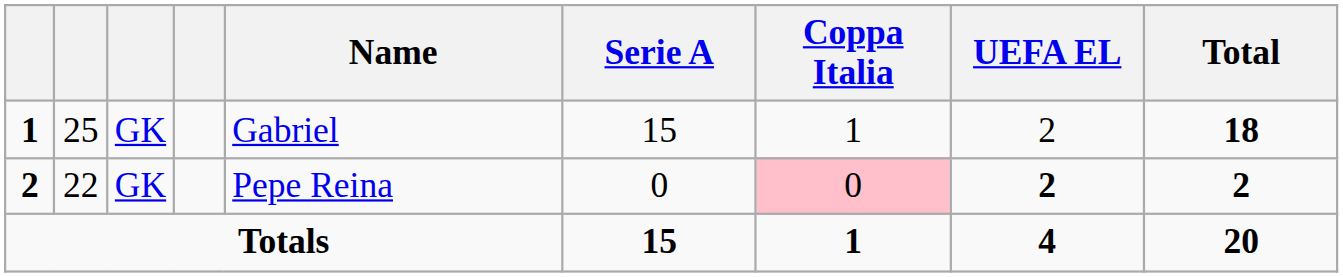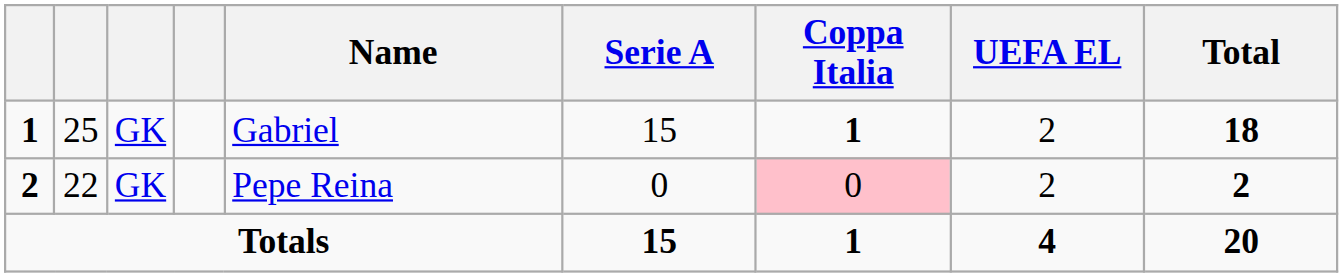 <table class="wikitable" style="text-align:center">
 <tr>
 <th width=15></th>
 <th width=15></th>
 <th width=15></th>
 <th width=15></th>
 <th width=145>Name</th>
 <th width=80><a href='#'>Serie A</a></th>
 <th width=80><a href='#'>Coppa Italia</a></th>
 <th width=80><a href='#'>UEFA EL</a></th>
 <th width=80>Total</th>
 </tr>
 <tr>
 <td><strong>1</strong></td>
 <td>25</td>
 <td><a href='#'>GK</a></td>
 <td></td>
 <td align=left><a href='#'>Gabriel</a></td>
 <td>15</td>
-<td>1</td>
+<td><strong>1</strong></td>
 <td>2</td>
 <td><strong>18</strong></td>
 </tr>
 <tr>
 <td><strong>2</strong></td>
 <td>22</td>
 <td><a href='#'>GK</a></td>
 <td></td>
 <td align=left><a href='#'>Pepe Reina</a></td>
 <td>0</td>
 <td style="background: pink;">0</td>
-<td><strong>2</strong></td>
+<td>2</td>
 <td><strong>2</strong></td>
 </tr>
 <tr>
 <td colspan=5><strong>Totals</strong></td>
 <td><strong>15</strong></td>
 <td><strong>1</strong></td>
 <td><strong>4</strong></td>
 <td><strong>20</strong></td>
 </tr>
 </table>
